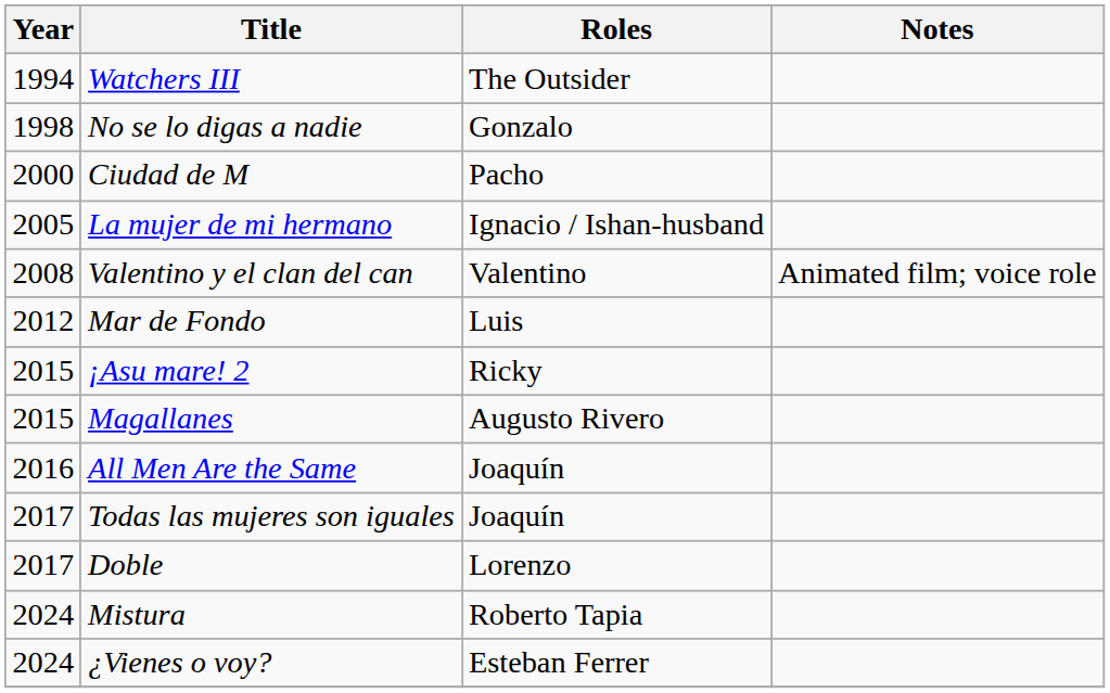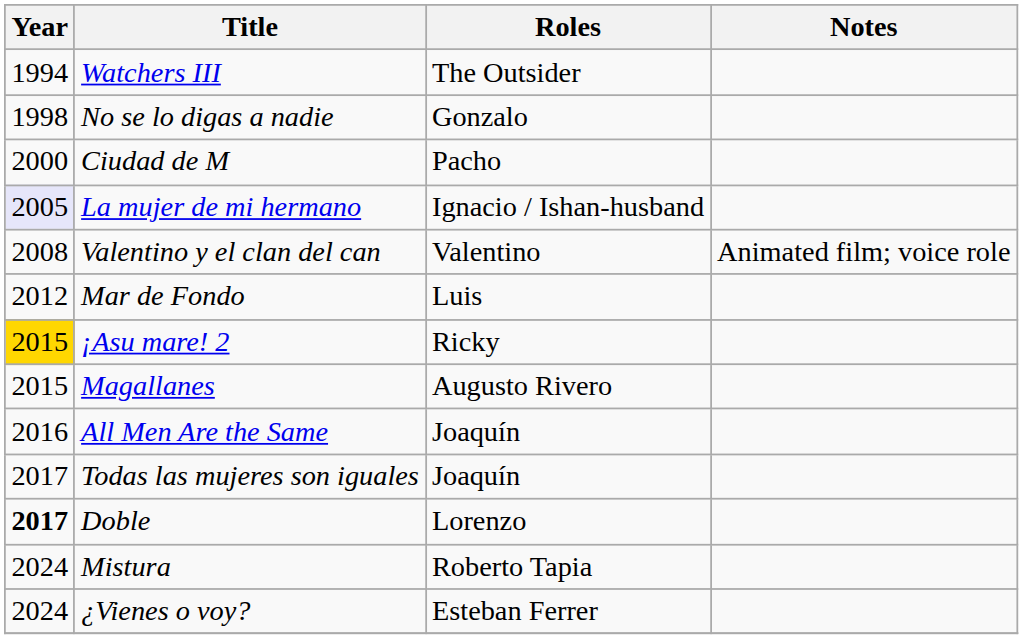 <table class="wikitable sortable">
 <tr>
 <th>Year</th>
 <th>Title</th>
 <th>Roles</th>
 <th>Notes</th>
 </tr>
 <tr>
 <td>1994</td>
 <td><em><a href='#'>Watchers III</a></em></td>
 <td>The Outsider</td>
 <td></td>
 </tr>
 <tr>
 <td>1998</td>
 <td><em>No se lo digas a nadie</em></td>
 <td>Gonzalo</td>
 <td></td>
 </tr>
 <tr>
 <td>2000</td>
 <td><em>Ciudad de M</em></td>
 <td>Pacho</td>
 <td></td>
 </tr>
 <tr>
-<td>2005</td>
+<td style="background: lavender;">2005</td>
 <td><em><a href='#'>La mujer de mi hermano</a></em></td>
 <td>Ignacio / Ishan-husband</td>
 <td></td>
 </tr>
 <tr>
 <td>2008</td>
 <td><em>Valentino y el clan del can</em></td>
 <td>Valentino</td>
 <td>Animated film; voice role</td>
 </tr>
 <tr>
 <td>2012</td>
 <td><em>Mar de Fondo</em></td>
 <td>Luis</td>
 <td></td>
 </tr>
 <tr>
-<td>2015</td>
+<td style="background: gold;">2015</td>
 <td><em><a href='#'>¡Asu mare! 2</a></em></td>
 <td>Ricky</td>
 <td></td>
 </tr>
 <tr>
 <td>2015</td>
 <td><em><a href='#'>Magallanes</a></em></td>
 <td>Augusto Rivero</td>
 <td></td>
 </tr>
 <tr>
 <td>2016</td>
 <td><em><a href='#'>All Men Are the Same</a></em></td>
 <td>Joaquín</td>
 <td></td>
 </tr>
 <tr>
 <td>2017</td>
 <td><em>Todas las mujeres son iguales</em></td>
 <td>Joaquín</td>
 <td></td>
 </tr>
 <tr>
-<td>2017</td>
+<td><strong>2017</strong></td>
 <td><em>Doble</em></td>
 <td>Lorenzo</td>
 <td></td>
 </tr>
 <tr>
 <td>2024</td>
 <td><em>Mistura</em></td>
 <td>Roberto Tapia</td>
 <td></td>
 </tr>
 <tr>
 <td>2024</td>
 <td><em>¿Vienes o voy?</em></td>
 <td>Esteban Ferrer</td>
 <td></td>
 </tr>
 <tr>
 </tr>
 </table>
